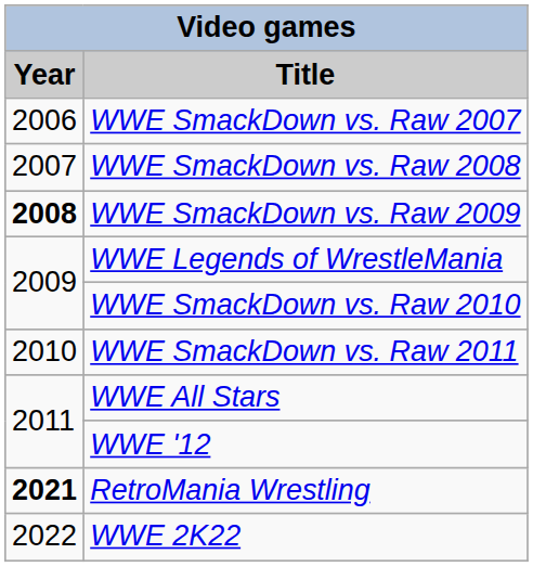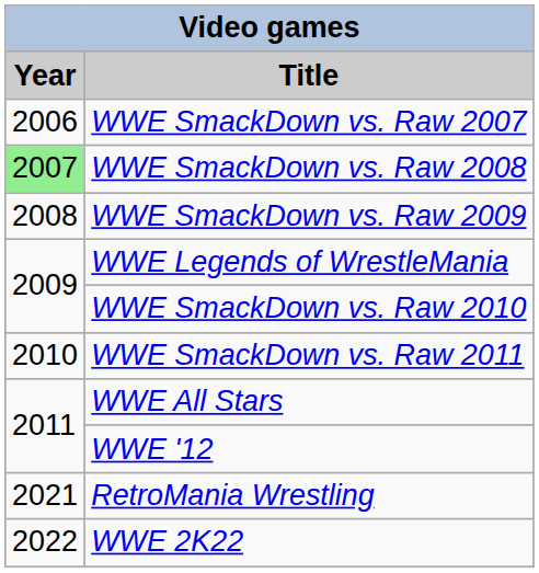 <table class="wikitable">
 <tr style="text-align:center;">
 <th colspan="2" style="background:#B0C4DE;">Video games</th>
 </tr>
 <tr style="text-align:center;">
 <th style="background:#ccc;">Year</th>
 <th style="background:#ccc;">Title</th>
 </tr>
 <tr>
 <td>2006</td>
 <td><em><a href='#'>WWE SmackDown vs. Raw 2007</a></em></td>
 </tr>
 <tr>
-<td>2007</td>
+<td style="background: lightgreen;">2007</td>
 <td><em><a href='#'>WWE SmackDown vs. Raw 2008</a></em></td>
 </tr>
 <tr>
-<td><strong>2008</strong></td>
+<td>2008</td>
 <td><em><a href='#'>WWE SmackDown vs. Raw 2009</a></em></td>
 </tr>
 <tr>
 <td rowspan=2>2009</td>
 <td><em><a href='#'>WWE Legends of WrestleMania</a></em></td>
 </tr>
 <tr>
 <td><em><a href='#'>WWE SmackDown vs. Raw 2010</a></em></td>
 </tr>
 <tr>
 <td>2010</td>
 <td><em><a href='#'>WWE SmackDown vs. Raw 2011</a></em></td>
 </tr>
 <tr>
 <td rowspan="2">2011</td>
 <td><em><a href='#'>WWE All Stars</a></em></td>
 </tr>
 <tr>
 <td><em><a href='#'>WWE '12</a></em></td>
 </tr>
 <tr>
-<td><strong>2021</strong></td>
+<td>2021</td>
 <td><em><a href='#'>RetroMania Wrestling</a></em></td>
 </tr>
 <tr>
 <td>2022</td>
 <td><em><a href='#'>WWE 2K22</a></em></td>
 </tr>
 </table>
